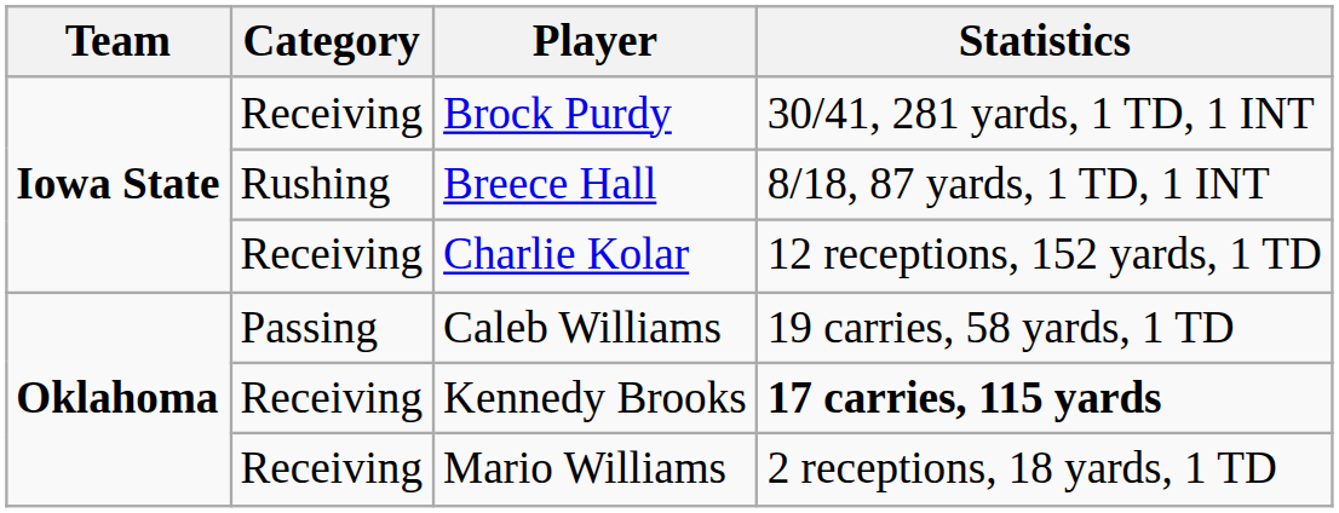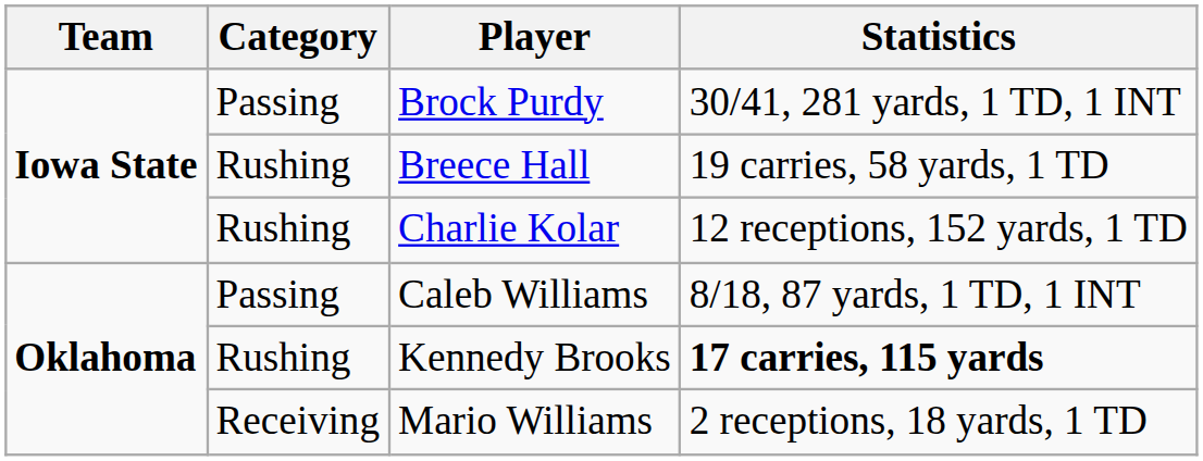 <table class="wikitable" style="float: right;">
 <tr>
 <th>Team</th>
 <th>Category</th>
 <th>Player</th>
 <th>Statistics</th>
 </tr>
 <tr>
 <td rowspan=3><strong>Iowa State</strong></td>
-<td>Receiving</td>
+<td>Passing</td>
 <td><a href='#'>Brock Purdy</a></td>
 <td>30/41, 281 yards, 1 TD, 1 INT</td>
 </tr>
 <tr>
 <td>Rushing</td>
 <td><a href='#'>Breece Hall</a></td>
-<td>8/18,  87 yards, 1 TD, 1 INT</td>
+<td>19 carries, 58 yards, 1 TD</td>
 </tr>
 <tr>
-<td>Receiving</td>
+<td>Rushing</td>
 <td><a href='#'>Charlie Kolar</a></td>
 <td>12 receptions, 152 yards, 1 TD</td>
 </tr>
 <tr>
 <td rowspan=3><strong>Oklahoma</strong></td>
 <td>Passing</td>
 <td>Caleb Williams</td>
-<td>19 carries, 58 yards, 1 TD</td>
+<td>8/18,  87 yards, 1 TD, 1 INT</td>
 </tr>
 <tr>
-<td>Receiving</td>
+<td>Rushing</td>
 <td>Kennedy Brooks</td>
 <td><strong>17 carries, 115 yards</strong></td>
 </tr>
 <tr>
 <td>Receiving</td>
 <td>Mario Williams</td>
 <td>2 receptions, 18 yards, 1 TD</td>
 </tr>
 </table>
